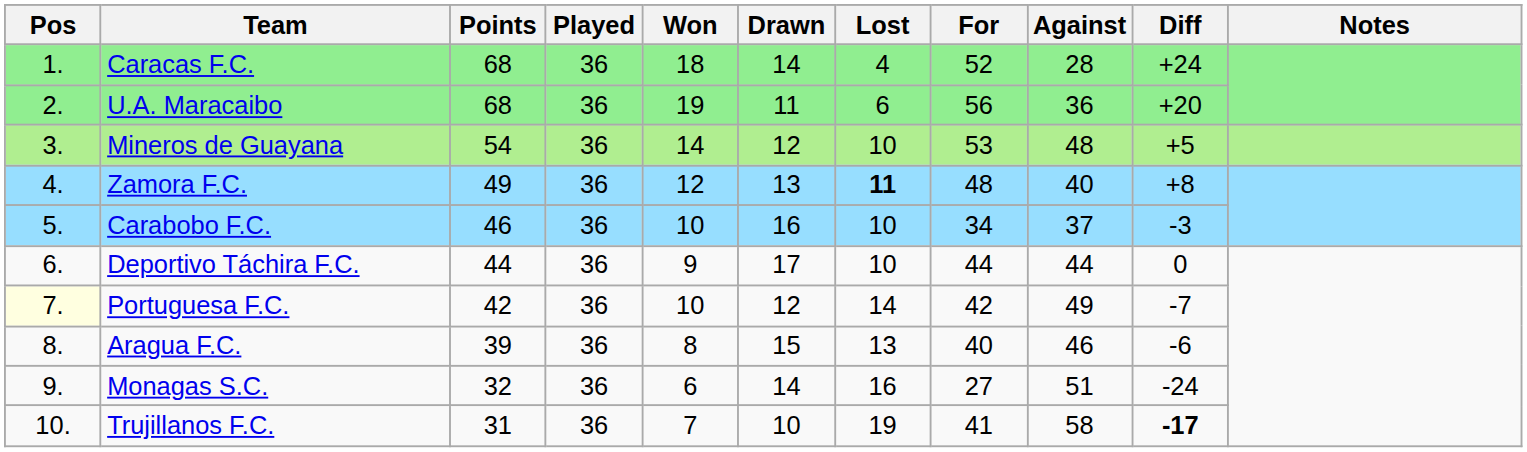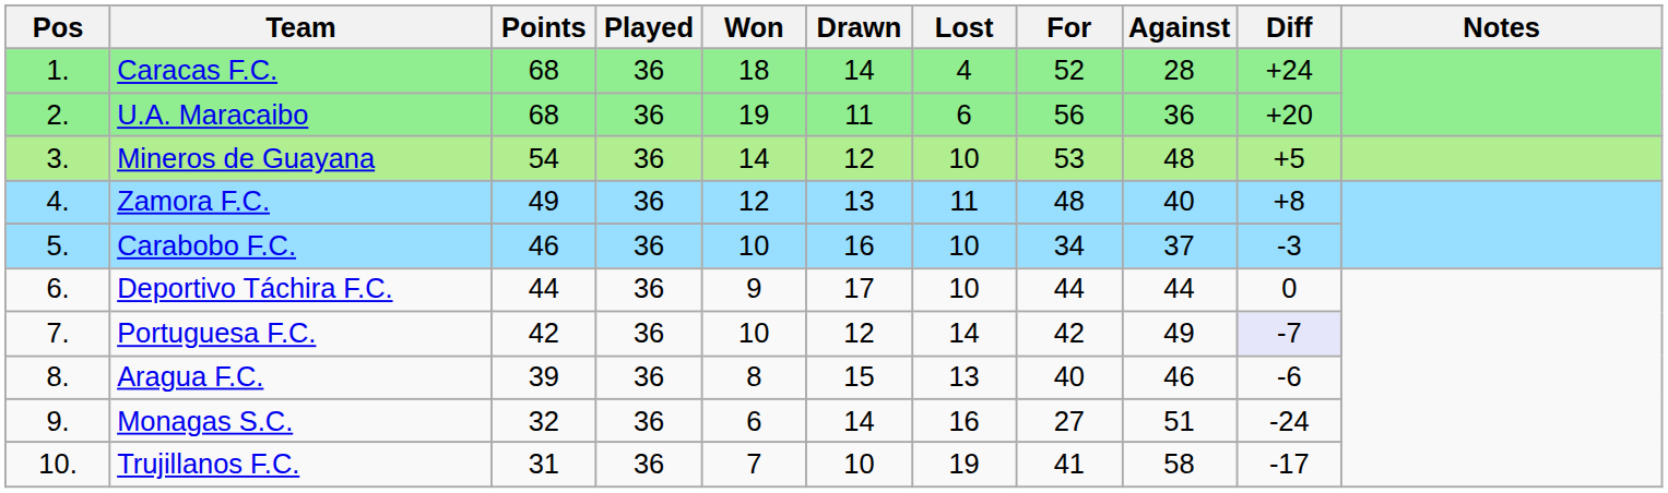 <table class="wikitable" style="font-size:85%; text-align:center;">
 <tr>
 <th width="45">Pos</th>
 <th width="180">Team</th>
 <th width="45">Points</th>
 <th width="45">Played</th>
 <th width="45">Won</th>
 <th width="45">Drawn</th>
 <th width="45">Lost</th>
 <th width="45">For</th>
 <th width="45">Against</th>
 <th width="45">Diff</th>
 <th width="150">Notes</th>
 </tr>
 <tr style="background: #90EE90;">
 <td>1.</td>
 <td align=left><a href='#'>Caracas F.C.</a></td>
 <td>68</td>
 <td>36</td>
 <td>18</td>
 <td>14</td>
 <td>4</td>
 <td>52</td>
 <td>28</td>
 <td>+24</td>
 <td rowspan="2"></td>
 </tr>
 <tr style="background: #90EE90;">
 <td>2.</td>
 <td align=left><a href='#'>U.A. Maracaibo</a></td>
 <td>68</td>
 <td>36</td>
 <td>19</td>
 <td>11</td>
 <td>6</td>
 <td>56</td>
 <td>36</td>
 <td>+20</td>
 </tr>
 <tr style="background: #B0EE90;">
 <td>3.</td>
 <td align=left><a href='#'>Mineros de Guayana</a></td>
 <td>54</td>
 <td>36</td>
 <td>14</td>
 <td>12</td>
 <td>10</td>
 <td>53</td>
 <td>48</td>
 <td>+5</td>
 <td></td>
 </tr>
 <tr style="background: #97DEFF;">
 <td>4.</td>
 <td align=left><a href='#'>Zamora F.C.</a></td>
 <td>49</td>
 <td>36</td>
 <td>12</td>
 <td>13</td>
-<td><strong>11</strong></td>
+<td>11</td>
 <td>48</td>
 <td>40</td>
 <td>+8</td>
 <td rowspan="2"></td>
 </tr>
 <tr style="background:#97DEFF;">
 <td>5.</td>
 <td align=left><a href='#'>Carabobo F.C.</a></td>
 <td>46</td>
 <td>36</td>
 <td>10</td>
 <td>16</td>
 <td>10</td>
 <td>34</td>
 <td>37</td>
 <td>-3</td>
 </tr>
 <tr>
 <td>6.</td>
 <td align=left><a href='#'>Deportivo Táchira F.C.</a></td>
 <td>44</td>
 <td>36</td>
 <td>9</td>
 <td>17</td>
 <td>10</td>
 <td>44</td>
 <td>44</td>
 <td>0</td>
 </tr>
 <tr>
-<td style="background: lightyellow;">7.</td>
+<td>7.</td>
 <td align=left><a href='#'>Portuguesa F.C.</a></td>
 <td>42</td>
 <td>36</td>
 <td>10</td>
 <td>12</td>
 <td>14</td>
 <td>42</td>
 <td>49</td>
-<td>-7</td>
+<td style="background: lavender;">-7</td>
 </tr>
 <tr>
 <td>8.</td>
 <td align=left><a href='#'>Aragua F.C.</a></td>
 <td>39</td>
 <td>36</td>
 <td>8</td>
 <td>15</td>
 <td>13</td>
 <td>40</td>
 <td>46</td>
 <td>-6</td>
 </tr>
 <tr>
 <td>9.</td>
 <td align=left><a href='#'>Monagas S.C.</a></td>
 <td>32</td>
 <td>36</td>
 <td>6</td>
 <td>14</td>
 <td>16</td>
 <td>27</td>
 <td>51</td>
 <td>-24</td>
 </tr>
 <tr>
 <td>10.</td>
 <td align=left><a href='#'>Trujillanos F.C.</a></td>
 <td>31</td>
 <td>36</td>
 <td>7</td>
 <td>10</td>
 <td>19</td>
 <td>41</td>
 <td>58</td>
-<td><strong>-17</strong></td>
+<td>-17</td>
 </tr>
 </table>
